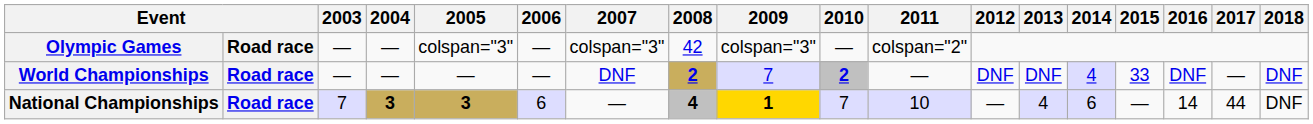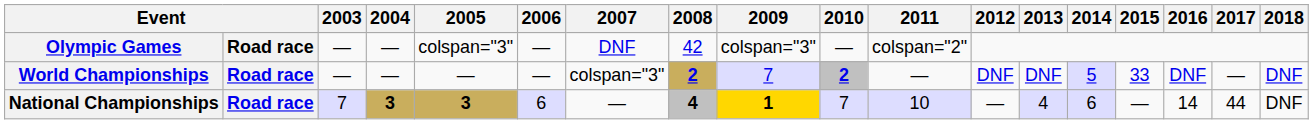 <table class="wikitable plainrowheaders">
 <tr>
 <th scope="col" colspan=2>Event</th>
 <th scope="col">2003</th>
 <th scope="col">2004</th>
 <th scope="col">2005</th>
 <th scope="col">2006</th>
 <th scope="col">2007</th>
 <th scope="col">2008</th>
 <th scope="col">2009</th>
 <th scope="col">2010</th>
 <th scope="col">2011</th>
 <th scope="col">2012</th>
 <th scope="col">2013</th>
 <th scope="col">2014</th>
 <th scope="col">2015</th>
 <th scope="col">2016</th>
 <th scope="col">2017</th>
 <th scope="col">2018</th>
 </tr>
 <tr style="text-align:center;">
 <th scope="row"> <a href='#'>Olympic Games</a></th>
 <th scope="row">Road race</th>
 <td>—</td>
 <td>—</td>
 <td>colspan="3" </td>
 <td>—</td>
-<td>colspan="3" </td>
+<td><a href='#'>DNF</a></td>
 <td><a href='#'>42</a></td>
 <td>colspan="3" </td>
 <td>—</td>
 <td>colspan="2" </td>
 </tr>
 <tr style="text-align:center;">
 <th scope="row"> <a href='#'>World Championships</a></th>
 <th scope="row"><a href='#'>Road race</a></th>
 <td>—</td>
 <td>—</td>
 <td>—</td>
 <td>—</td>
-<td><a href='#'>DNF</a></td>
+<td>colspan="3" </td>
 <td style="background:#C9AE5D;"><a href='#'><strong>2</strong></a></td>
 <td style="background:#ddddff;"><a href='#'>7</a></td>
 <td style="background:silver;"><a href='#'><strong>2</strong></a></td>
 <td>—</td>
 <td><a href='#'>DNF</a></td>
 <td><a href='#'>DNF</a></td>
-<td style="background:#ddddff;"><a href='#'>4</a></td>
+<td style="background:#ddddff;"><a href='#'>5</a></td>
 <td><a href='#'>33</a></td>
 <td><a href='#'>DNF</a></td>
 <td>—</td>
 <td><a href='#'>DNF</a></td>
 </tr>
 <tr style="text-align:center;">
 <th scope="row"> National Championships</th>
 <th scope="row"><a href='#'>Road race</a></th>
 <td style="background:#ddddff;">7</td>
 <td style="background:#C9AE5D;"><strong>3</strong></td>
 <td style="background:#C9AE5D;"><strong>3</strong></td>
 <td style="background:#ddddff;">6</td>
 <td>—</td>
 <td style="background:silver;"><strong>4</strong></td>
 <td style="background:gold;"><strong>1</strong></td>
 <td style="background:#ddddff;">7</td>
 <td style="background:#ddddff;">10</td>
 <td>—</td>
 <td style="background:#ddddff;">4</td>
 <td style="background:#ddddff;">6</td>
 <td>—</td>
 <td>14</td>
 <td>44</td>
 <td>DNF</td>
 </tr>
 </table>
